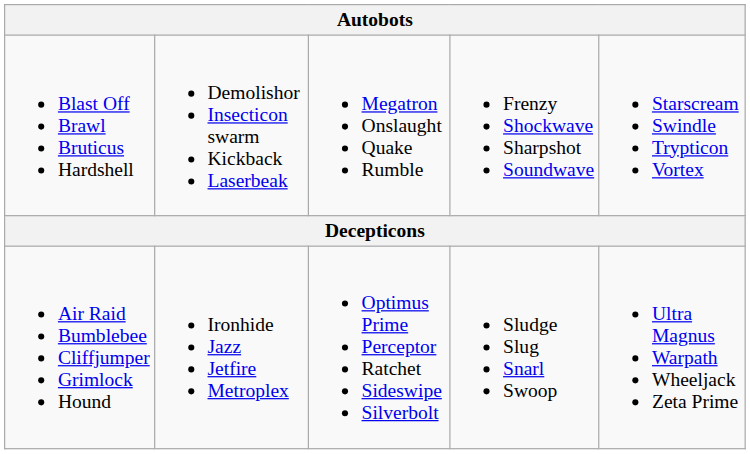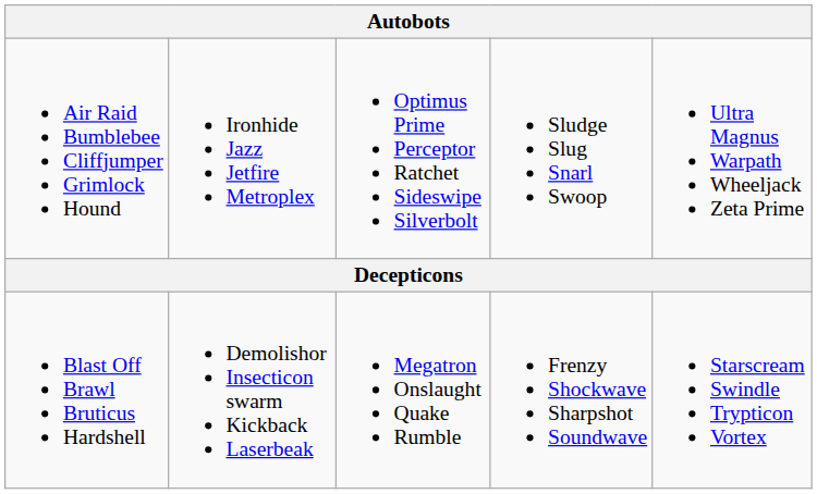 <table class="wikitable">
 <tr>
 <th colspan="5">Autobots</th>
+</tr>
+<tr>
+<td><br><ul><li><a href='#'>Air Raid</a></li><li><a href='#'>Bumblebee</a></li><li><a href='#'>Cliffjumper</a></li><li><a href='#'>Grimlock</a></li><li>Hound</li></ul></td>
+<td><br><ul><li>Ironhide</li><li><a href='#'>Jazz</a></li><li><a href='#'>Jetfire</a></li><li><a href='#'>Metroplex</a></li></ul></td>
+<td><br><ul><li><a href='#'>Optimus Prime</a></li><li><a href='#'>Perceptor</a></li><li>Ratchet</li><li><a href='#'>Sideswipe</a></li><li><a href='#'>Silverbolt</a></li></ul></td>
+<td><br><ul><li>Sludge</li><li>Slug</li><li><a href='#'>Snarl</a></li><li>Swoop</li></ul></td>
+<td><br><ul><li><a href='#'>Ultra Magnus</a></li><li><a href='#'>Warpath</a></li><li>Wheeljack</li><li>Zeta Prime</li></ul></td>
+</tr>
+<tr>
+<th colspan="5">Decepticons</th>
 </tr>
 <tr>
 <td><br><ul><li><a href='#'>Blast Off</a></li><li><a href='#'>Brawl</a></li><li><a href='#'>Bruticus</a></li><li>Hardshell</li></ul></td>
 <td><br><ul><li>Demolishor</li><li><a href='#'>Insecticon</a> swarm</li><li>Kickback</li><li><a href='#'>Laserbeak</a></li></ul></td>
 <td><br><ul><li><a href='#'>Megatron</a></li><li>Onslaught</li><li>Quake</li><li>Rumble</li></ul></td>
 <td><br><ul><li>Frenzy</li><li><a href='#'>Shockwave</a></li><li>Sharpshot</li><li><a href='#'>Soundwave</a></li></ul></td>
 <td><br><ul><li><a href='#'>Starscream</a></li><li><a href='#'>Swindle</a></li><li><a href='#'>Trypticon</a></li><li><a href='#'>Vortex</a></li></ul></td>
 </tr>
-<tr>
-<th colspan="5">Decepticons</th>
-</tr>
-<tr>
-<td><br><ul><li><a href='#'>Air Raid</a></li><li><a href='#'>Bumblebee</a></li><li><a href='#'>Cliffjumper</a></li><li><a href='#'>Grimlock</a></li><li>Hound</li></ul></td>
-<td><br><ul><li>Ironhide</li><li><a href='#'>Jazz</a></li><li><a href='#'>Jetfire</a></li><li><a href='#'>Metroplex</a></li></ul></td>
-<td><br><ul><li><a href='#'>Optimus Prime</a></li><li><a href='#'>Perceptor</a></li><li>Ratchet</li><li><a href='#'>Sideswipe</a></li><li><a href='#'>Silverbolt</a></li></ul></td>
-<td><br><ul><li>Sludge</li><li>Slug</li><li><a href='#'>Snarl</a></li><li>Swoop</li></ul></td>
-<td><br><ul><li><a href='#'>Ultra Magnus</a></li><li><a href='#'>Warpath</a></li><li>Wheeljack</li><li>Zeta Prime</li></ul></td>
-</tr>
 </table>
